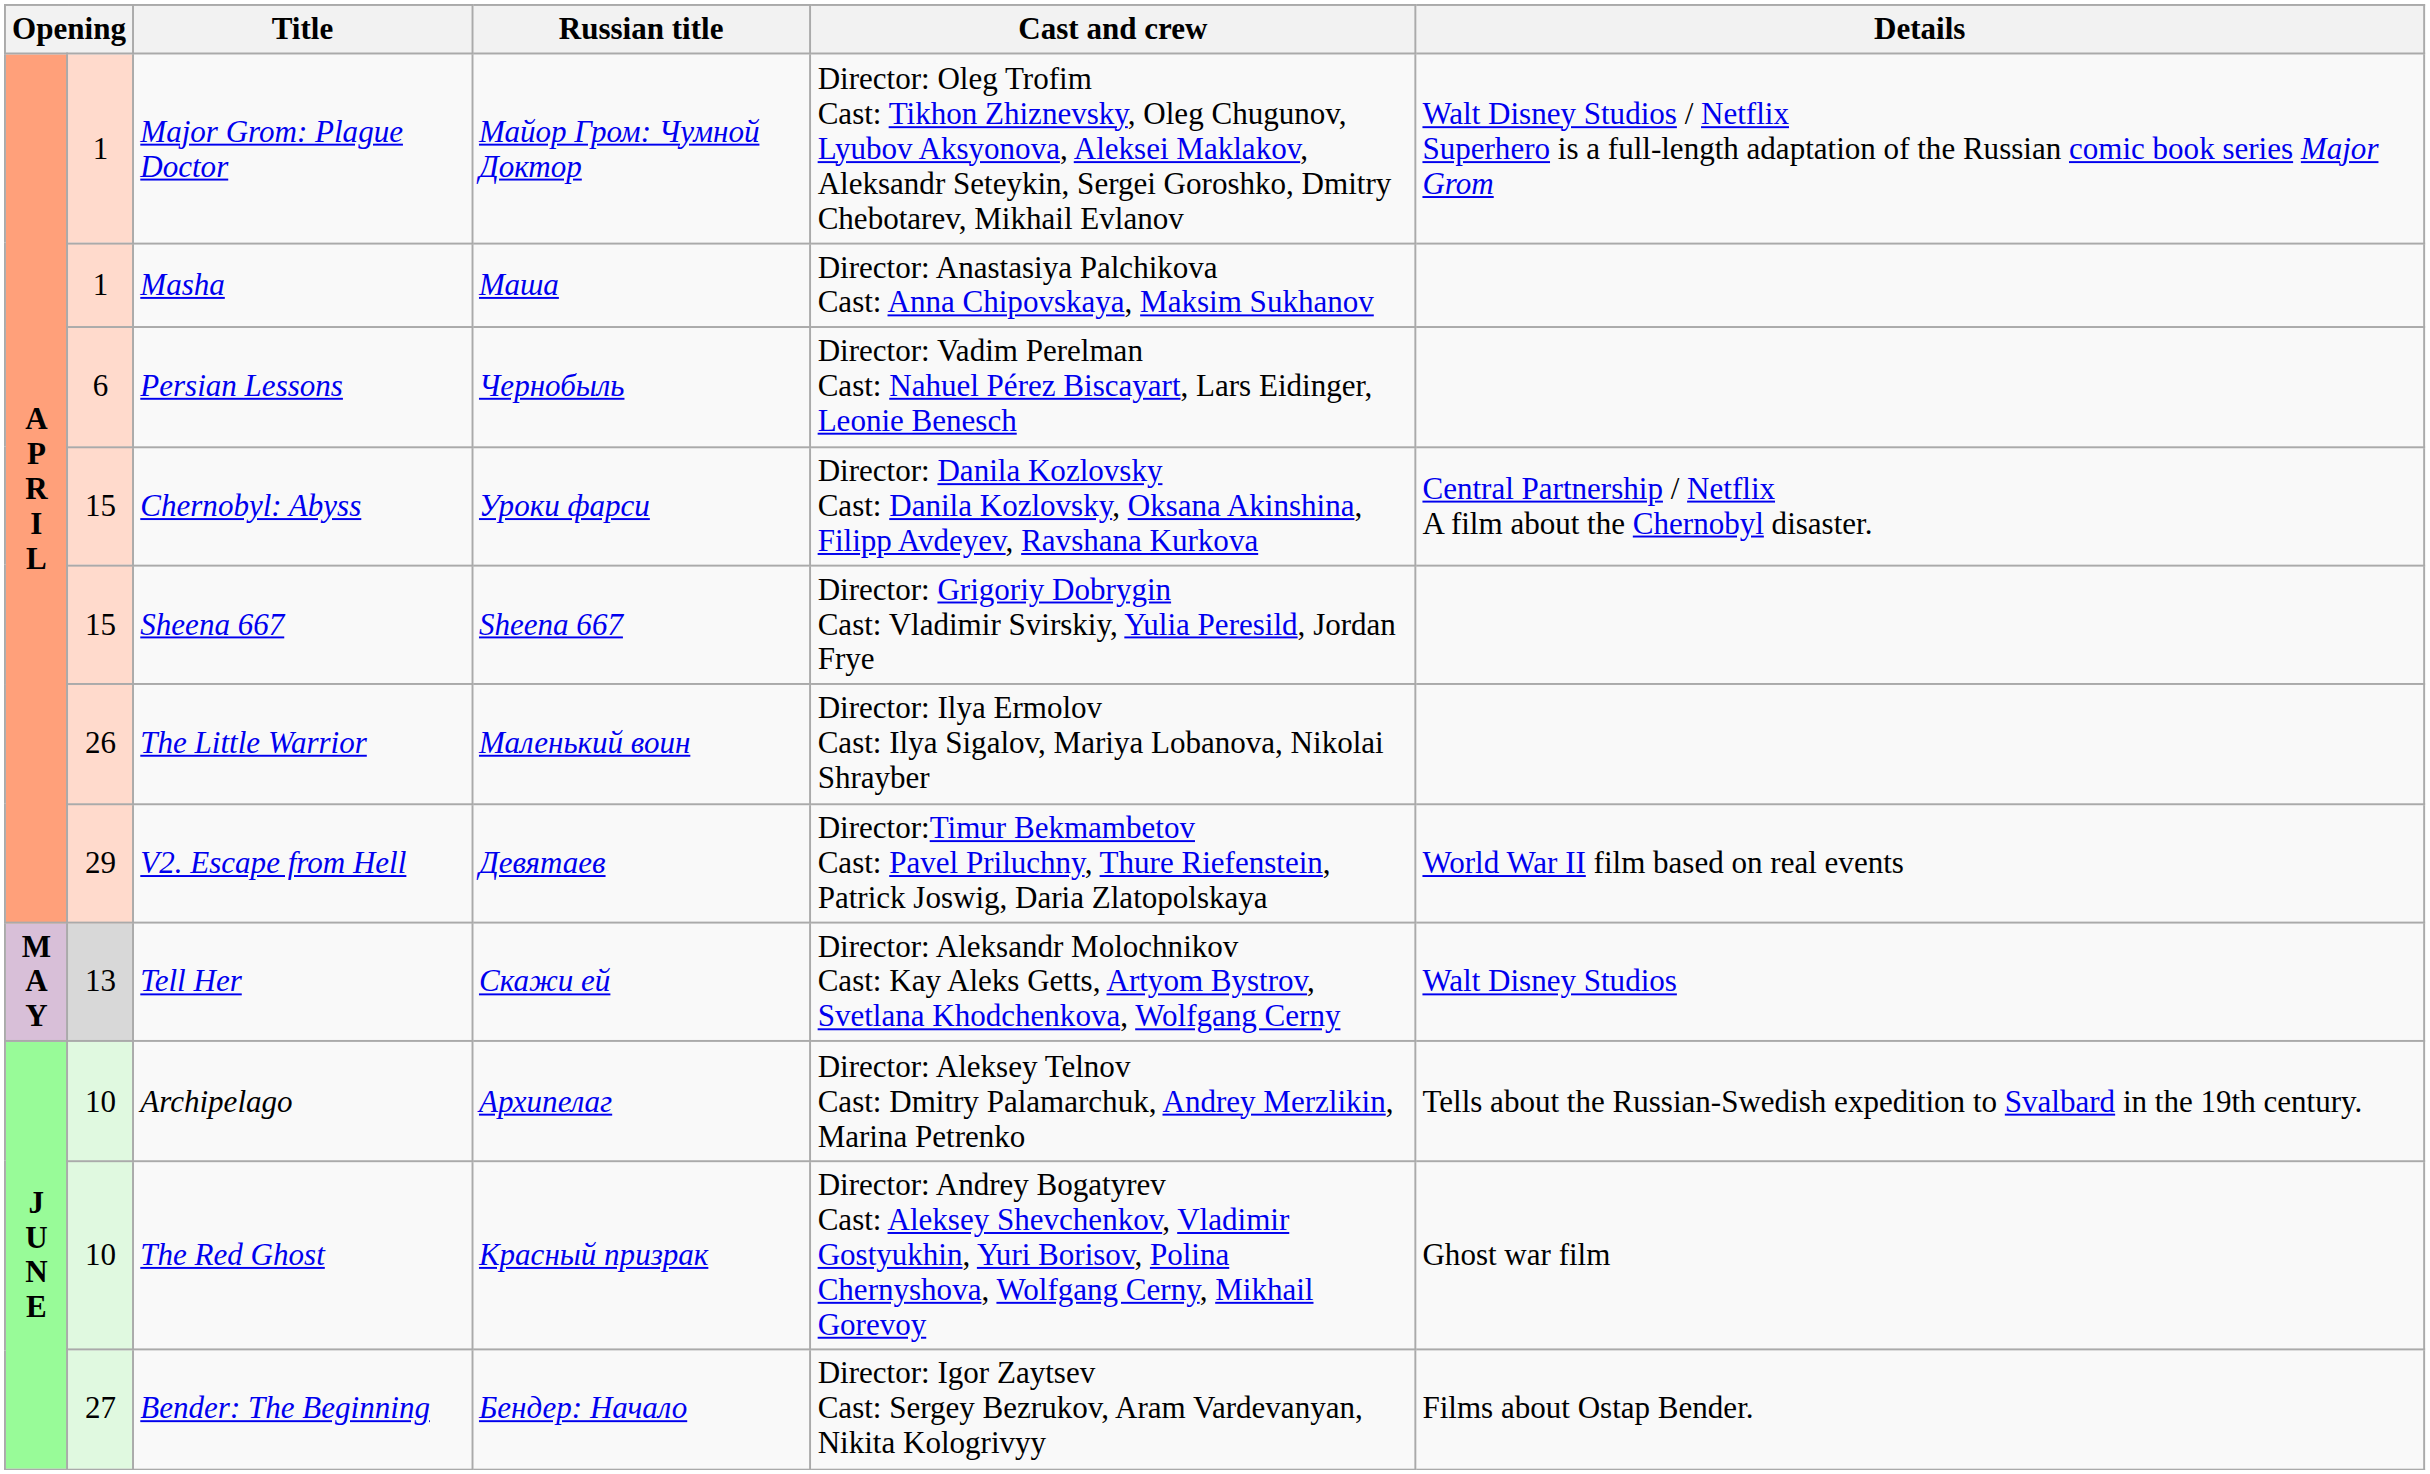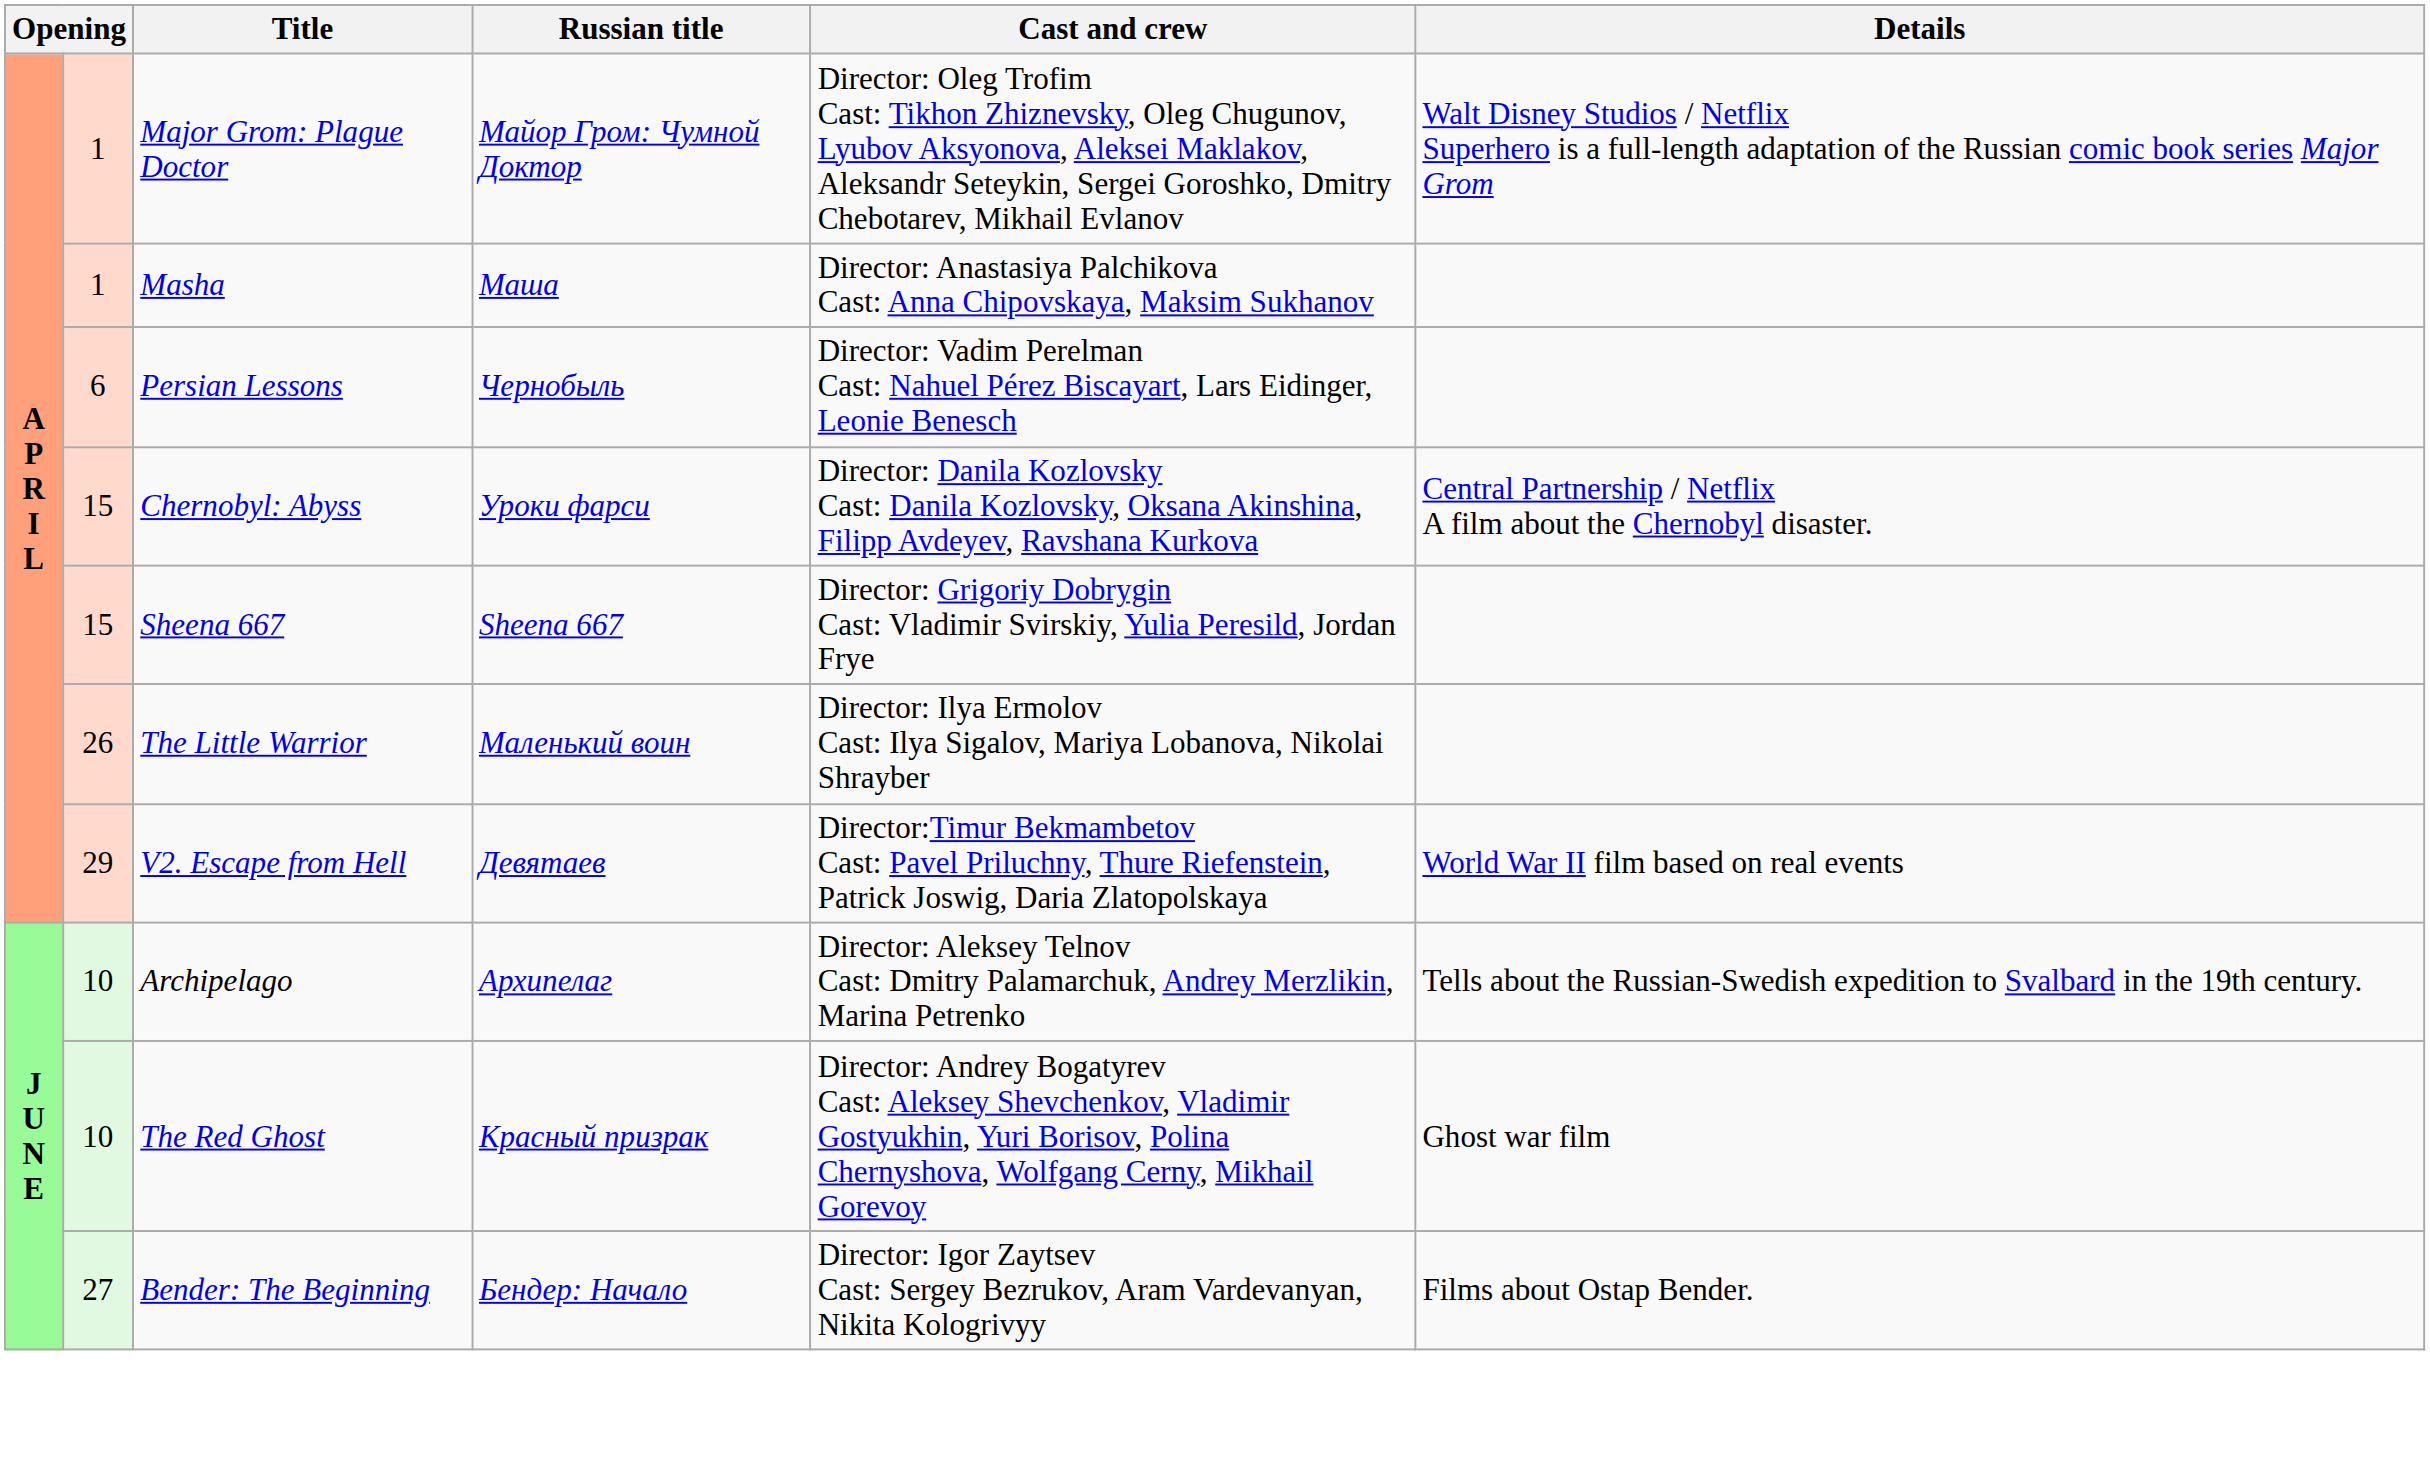 <table class="wikitable">
 <tr>
 <th colspan="2">Opening</th>
 <th style="width:14%;">Title</th>
 <th style="width:14%;">Russian title</th>
 <th style="width:25%;">Cast and crew</th>
 <th>Details</th>
 </tr>
 <tr>
 <th rowspan="7" align="center" style="background:#ffa07a; textcolor:#000;">A<br>P<br>R<br>I<br>L</th>
 <td align="center" style="background:#ffdacc;">1</td>
 <td><em><a href='#'>Major Grom: Plague Doctor</a></em></td>
 <td><em><a href='#'>Майор Гром: Чумной Доктор</a></em></td>
 <td>Director: Oleg Trofim <br> Cast: <a href='#'>Tikhon Zhiznevsky</a>, Oleg Chugunov, <a href='#'>Lyubov Aksyonova</a>, <a href='#'>Aleksei Maklakov</a>, Aleksandr Seteykin, Sergei Goroshko, Dmitry Chebotarev, Mikhail Evlanov</td>
 <td><a href='#'>Walt Disney Studios</a> / <a href='#'>Netflix</a> <br> <a href='#'>Superhero</a> is a full-length adaptation of the Russian <a href='#'>comic book series</a> <em><a href='#'>Major Grom</a></em></td>
 </tr>
 <tr>
 <td align="center" style="background:#ffdacc;">1</td>
 <td><em><a href='#'>Masha</a></em></td>
 <td><em><a href='#'>Маша</a></em></td>
 <td>Director: Anastasiya Palchikova <br> Cast: <a href='#'>Anna Chipovskaya</a>, <a href='#'>Maksim Sukhanov</a></td>
 <td></td>
 </tr>
 <tr>
 <td align="center" style="background:#ffdacc;">6</td>
 <td><em><a href='#'>Persian Lessons</a></em></td>
 <td><em><a href='#'>Чернобыль</a></em></td>
 <td>Director: Vadim Perelman <br> Cast: <a href='#'>Nahuel Pérez Biscayart</a>, Lars Eidinger, <a href='#'>Leonie Benesch</a></td>
 <td></td>
 </tr>
 <tr>
 <td align="center" style="background:#ffdacc;">15</td>
 <td><em><a href='#'>Chernobyl: Abyss</a></em></td>
 <td><em><a href='#'>Уроки фарси</a></em></td>
 <td>Director: <a href='#'>Danila Kozlovsky</a> <br> Cast: <a href='#'>Danila Kozlovsky</a>, <a href='#'>Oksana Akinshina</a>, <a href='#'>Filipp Avdeyev</a>, <a href='#'>Ravshana Kurkova</a></td>
 <td><a href='#'>Central Partnership</a> / <a href='#'>Netflix</a> <br> A film about the <a href='#'>Chernobyl</a> disaster.</td>
 </tr>
 <tr>
 <td align="center" style="background:#ffdacc;">15</td>
 <td><em><a href='#'>Sheena 667</a></em></td>
 <td><em><a href='#'>Sheena 667</a></em></td>
 <td>Director: <a href='#'>Grigoriy Dobrygin</a> <br> Cast: Vladimir Svirskiy, <a href='#'>Yulia Peresild</a>, Jordan Frye</td>
 <td></td>
 </tr>
 <tr>
 <td align="center" style="background:#ffdacc;">26</td>
 <td><em><a href='#'>The Little Warrior</a></em></td>
 <td><em><a href='#'>Маленький воин</a></em></td>
 <td>Director: Ilya Ermolov <br> Cast: Ilya Sigalov, Mariya Lobanova, Nikolai Shrayber</td>
 <td></td>
 </tr>
 <tr>
 <td align="center" style="background:#ffdacc;">29</td>
 <td><em><a href='#'>V2. Escape from Hell</a></em></td>
 <td><a href='#'><em>Девятаев</em></a></td>
 <td>Director:<a href='#'>Timur Bekmambetov</a><br> Cast: <a href='#'>Pavel Priluchny</a>, <a href='#'>Thure Riefenstein</a>, Patrick Joswig, Daria Zlatopolskaya</td>
 <td><a href='#'>World War II</a> film based on real events</td>
 </tr>
 <tr>
-<th rowspan="1" align="center" style="background:thistle; textcolor:#000;">M<br>A<br>Y</th>
-<td align="center" style="background:#d8d8d8;">13</td>
-<td><em><a href='#'>Tell Her</a></em></td>
-<td><em><a href='#'>Скажи ей</a></em></td>
-<td>Director: Aleksandr Molochnikov <br> Cast: Kay Aleks Getts, <a href='#'>Artyom Bystrov</a>, <a href='#'>Svetlana Khodchenkova</a>, <a href='#'>Wolfgang Cerny</a></td>
-<td><a href='#'>Walt Disney Studios</a></td>
-</tr>
-<tr>
 <th rowspan="3" style="text-align:center; background:#98fb98; textcolor:#000;">J<br>U<br>N<br>E</th>
 <td style="text-align:center; background:#e0f9e0;">10</td>
 <td><em>Archipelago</em></td>
 <td><em><a href='#'>Архипелаг</a></em></td>
 <td>Director: Aleksey Telnov <br> Cast: Dmitry Palamarchuk, <a href='#'>Andrey Merzlikin</a>, Marina Petrenko</td>
 <td>Tells about the Russian-Swedish expedition to <a href='#'>Svalbard</a> in the 19th century.</td>
 </tr>
 <tr>
 <td style="text-align:center; background:#e0f9e0;">10</td>
 <td><em><a href='#'>The Red Ghost</a></em></td>
 <td><em><a href='#'>Красный призрак</a></em></td>
 <td>Director: Andrey Bogatyrev <br> Cast: <a href='#'>Aleksey Shevchenkov</a>, <a href='#'>Vladimir Gostyukhin</a>, <a href='#'>Yuri Borisov</a>, <a href='#'>Polina Chernyshova</a>, <a href='#'>Wolfgang Cerny</a>, <a href='#'>Mikhail Gorevoy</a></td>
 <td>Ghost war film</td>
 </tr>
 <tr>
 <td style="text-align:center; background:#e0f9e0;">27</td>
 <td><em><a href='#'>Bender: The Beginning</a></em></td>
 <td><em><a href='#'>Бендер: Начало</a></em></td>
 <td>Director: Igor Zaytsev <br> Cast: Sergey Bezrukov, Aram Vardevanyan, Nikita Kologrivyy</td>
 <td>Films about Ostap Bender.</td>
 </tr>
 </table>
